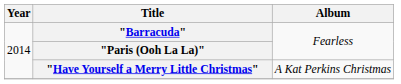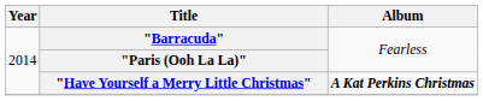 <table class="wikitable plainrowheaders" style="text-align:center;">
 <tr>
 <th scope="col" style="width:1em;">Year</th>
 <th scope="col" style="width:20em;">Title</th>
 <th scope="col">Album</th>
 </tr>
 <tr>
 <td rowspan="3">2014</td>
 <th scope="row">"<a href='#'>Barracuda</a>"</th>
 <td rowspan="2"><em>Fearless</em></td>
 </tr>
 <tr>
 <th scope="row">"Paris (Ooh La La)"</th>
 </tr>
 <tr>
 <th scope="row">"<a href='#'>Have Yourself a Merry Little Christmas</a>"</th>
-<td><em>A Kat Perkins Christmas</em></td>
+<td><strong><em>A Kat Perkins Christmas</em></strong></td>
 </tr>
 <tr>
 </tr>
 </table>
